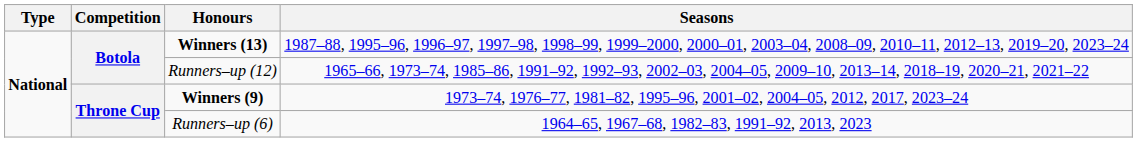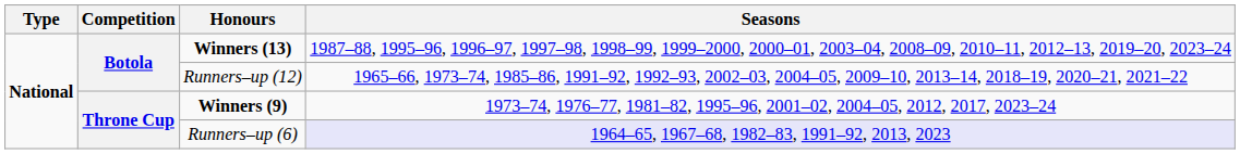 <table class="wikitable plainrowheaders" style="font-size:95%; text-align:center;">
 <tr>
 <th>Type</th>
 <th>Competition</th>
 <th><strong>Honours</strong></th>
 <th>Seasons</th>
 </tr>
 <tr>
 <td rowspan="4"><strong>National</strong></td>
 <th rowspan="2" scope="col"><a href='#'>Botola</a></th>
 <td align="center"><strong>Winners (13)</strong></td>
 <td><a href='#'>1987–88</a>, <a href='#'>1995–96</a>, <a href='#'>1996–97</a>, <a href='#'>1997–98</a>, <a href='#'>1998–99</a>, <a href='#'>1999–2000</a>, <a href='#'>2000–01</a>, <a href='#'>2003–04</a>, <a href='#'>2008–09</a>, <a href='#'>2010–11</a>, <a href='#'>2012–13</a>, <a href='#'>2019–20</a>, <a href='#'>2023–24</a></td>
 </tr>
 <tr>
 <td align="center"><em>Runners–up (12)</em></td>
 <td><a href='#'>1965–66</a>, <a href='#'>1973–74</a>, <a href='#'>1985–86</a>, <a href='#'>1991–92</a>, <a href='#'>1992–93</a>, <a href='#'>2002–03</a>, <a href='#'>2004–05</a>, <a href='#'>2009–10</a>, <a href='#'>2013–14</a>, <a href='#'>2018–19</a>, <a href='#'>2020–21</a>, <a href='#'>2021–22</a></td>
 </tr>
 <tr>
 <th rowspan="2" scope="col"><a href='#'>Throne Cup</a></th>
 <td align="center"><strong>Winners (9)</strong></td>
 <td><a href='#'>1973–74</a>, <a href='#'>1976–77</a>, <a href='#'>1981–82</a>, <a href='#'>1995–96</a>, <a href='#'>2001–02</a>, <a href='#'>2004–05</a>, <a href='#'>2012</a>, <a href='#'>2017</a>, <a href='#'>2023–24</a></td>
 </tr>
 <tr>
 <td align="center"><em>Runners–up (6)</em></td>
-<td><a href='#'>1964–65</a>, <a href='#'>1967–68</a>, <a href='#'>1982–83</a>, <a href='#'>1991–92</a>, <a href='#'>2013</a>, <a href='#'>2023</a></td>
+<td style="background: lavender;"><a href='#'>1964–65</a>, <a href='#'>1967–68</a>, <a href='#'>1982–83</a>, <a href='#'>1991–92</a>, <a href='#'>2013</a>, <a href='#'>2023</a></td>
 </tr>
 </table>
